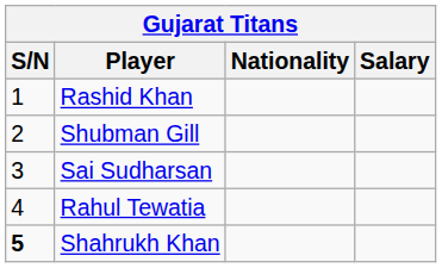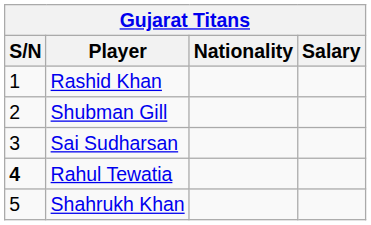 <table class="wikitable" style="font-size:95%;">
 <tr>
 <th scope="colgroup" colspan="4" style="background:#"><a href='#'><span>Gujarat Titans</span></a></th>
 </tr>
 <tr>
 <th scope="col">S/N</th>
 <th scope="col">Player</th>
 <th scope="col">Nationality</th>
 <th scope="col">Salary</th>
 </tr>
 <tr>
 <td>1</td>
 <td><a href='#'>Rashid Khan</a></td>
 <td></td>
 <td></td>
 </tr>
 <tr>
 <td>2</td>
 <td><a href='#'>Shubman Gill</a></td>
 <td></td>
 <td></td>
 </tr>
 <tr>
 <td>3</td>
 <td><a href='#'>Sai Sudharsan</a></td>
 <td></td>
 <td></td>
 </tr>
 <tr>
-<td>4</td>
+<td><strong>4</strong></td>
 <td><a href='#'>Rahul Tewatia</a></td>
 <td></td>
 <td></td>
 </tr>
 <tr>
-<td><strong>5</strong></td>
+<td>5</td>
 <td><a href='#'>Shahrukh Khan</a></td>
 <td></td>
 <td></td>
 </tr>
 </table>
